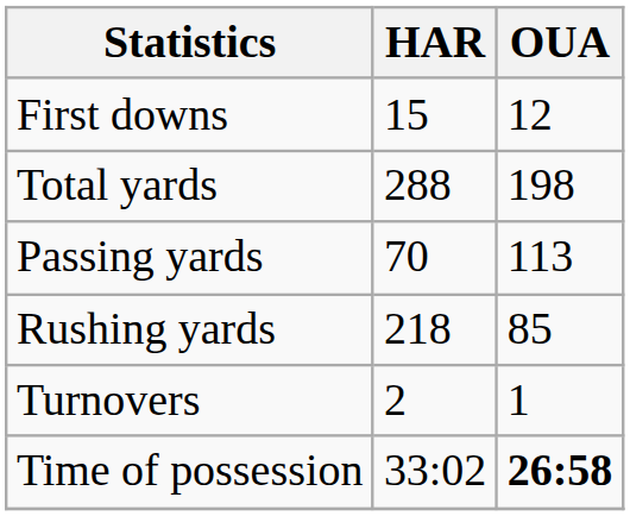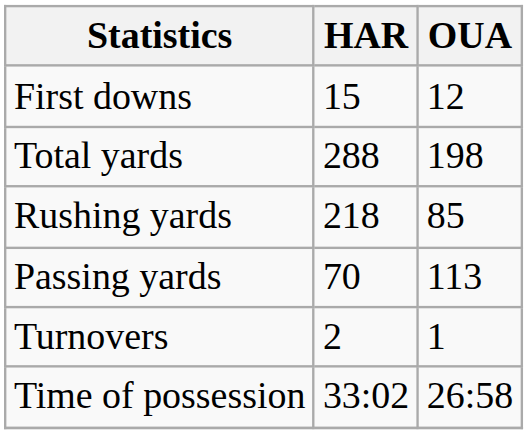 <table class="wikitable" style="float: left;">
 <tr>
 <th>Statistics</th>
 <th>HAR</th>
 <th>OUA</th>
 </tr>
 <tr>
 <td>First downs</td>
 <td>15</td>
 <td>12</td>
 </tr>
 <tr>
 <td>Total yards</td>
 <td>288</td>
 <td>198</td>
 </tr>
 <tr>
+<td>Rushing yards</td>
+<td>218</td>
+<td>85</td>
+</tr>
+<tr>
 <td>Passing yards</td>
 <td>70</td>
 <td>113</td>
-</tr>
-<tr>
-<td>Rushing yards</td>
-<td>218</td>
-<td>85</td>
 </tr>
 <tr>
 <td>Turnovers</td>
 <td>2</td>
 <td>1</td>
 </tr>
 <tr>
 <td>Time of possession</td>
 <td>33:02</td>
-<td><strong>26:58</strong></td>
+<td>26:58</td>
 </tr>
 <tr>
 </tr>
 </table>
